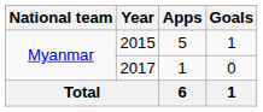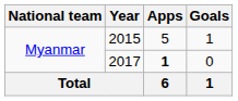 <table class=wikitable style=text-align:center>
 <tr>
 <th>National team</th>
 <th>Year</th>
 <th>Apps</th>
 <th>Goals</th>
 </tr>
 <tr>
 <td rowspan=2><a href='#'>Myanmar</a></td>
 <td>2015</td>
 <td>5</td>
 <td>1</td>
 </tr>
 <tr>
 <td>2017</td>
-<td>1</td>
+<td><strong>1</strong></td>
 <td>0</td>
 </tr>
 <tr>
 <th colspan=2>Total</th>
 <th>6</th>
 <th>1</th>
 </tr>
 </table>
